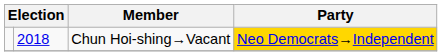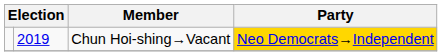 <table class="wikitable">
 <tr>
 <th colspan="2">Election</th>
 <th>Member</th>
 <th>Party</th>
 </tr>
 <tr>
 <td style="color:inherit;background:"></td>
-<td><a href='#'>2018</a></td>
+<td><a href='#'>2019</a></td>
 <td>Chun Hoi-shing→Vacant</td>
 <td style="background: gold;"><a href='#'>Neo Democrats</a>→<a href='#'>Independent</a></td>
 </tr>
 <tr>
 </tr>
 </table>
